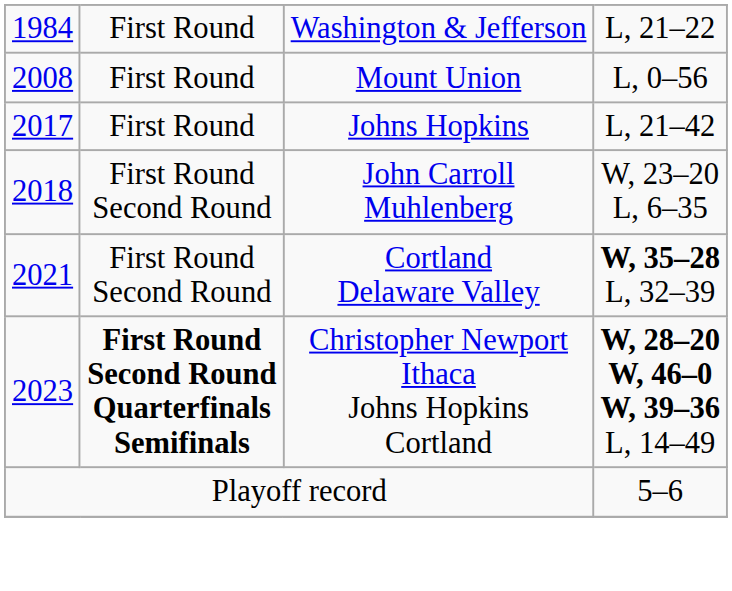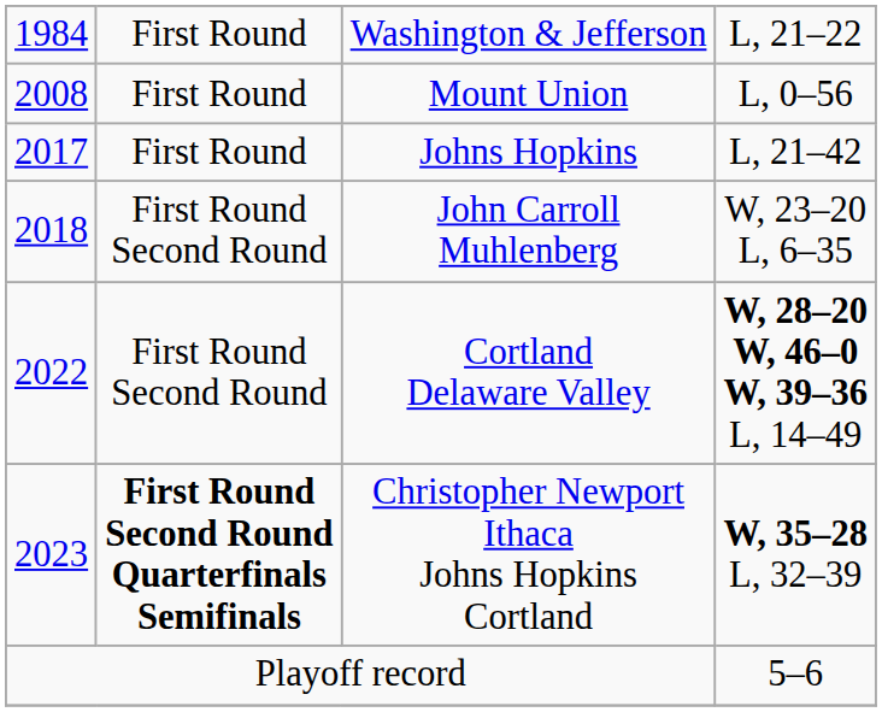 <table class="wikitable" style="text-align: center;">
 <tr align="center">
 <td><a href='#'>1984</a></td>
 <td>First Round</td>
 <td><a href='#'>Washington & Jefferson</a></td>
 <td>L, 21–22</td>
 </tr>
 <tr align="center">
 <td><a href='#'>2008</a></td>
 <td>First Round</td>
 <td><a href='#'>Mount Union</a></td>
 <td>L, 0–56</td>
 </tr>
 <tr align="center">
 <td><a href='#'>2017</a></td>
 <td>First Round</td>
 <td><a href='#'>Johns Hopkins</a></td>
 <td>L, 21–42</td>
 </tr>
 <tr align="center">
 <td><a href='#'>2018</a></td>
 <td>First Round<br>Second Round</td>
 <td><a href='#'>John Carroll</a><br><a href='#'>Muhlenberg</a></td>
 <td>W, 23–20<br>L, 6–35</td>
 </tr>
 <tr align="center">
-<td><a href='#'>2021</a></td>
+<td><a href='#'>2022</a></td>
 <td>First Round<br>Second Round</td>
 <td><a href='#'>Cortland</a><br><a href='#'>Delaware Valley</a></td>
-<td><strong>W, 35–28</strong><br>L, 32–39</td>
+<td><strong>W, 28–20</strong><br><strong>W, 46–0</strong><br><strong>W, 39–36</strong><br>L, 14–49</td>
 </tr>
 <tr align="center">
 <td><a href='#'>2023</a></td>
 <td><strong>First Round<br>Second Round<br>Quarterfinals<br>Semifinals</strong></td>
 <td><a href='#'>Christopher Newport</a><br><a href='#'>Ithaca</a><br>Johns Hopkins<br>Cortland</td>
-<td><strong>W, 28–20</strong><br><strong>W, 46–0</strong><br><strong>W, 39–36</strong><br>L, 14–49</td>
+<td><strong>W, 35–28</strong><br>L, 32–39</td>
 </tr>
 <tr align="center">
 <td colspan=3>Playoff record</td>
 <td colspan=2>5–6</td>
 </tr>
 <tr>
 </tr>
 </table>
